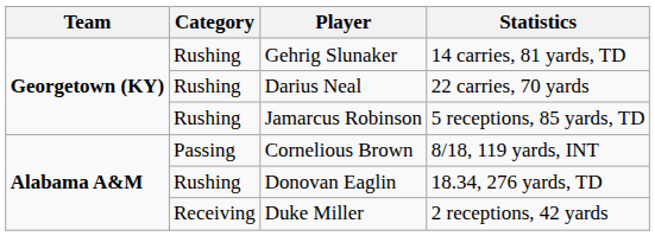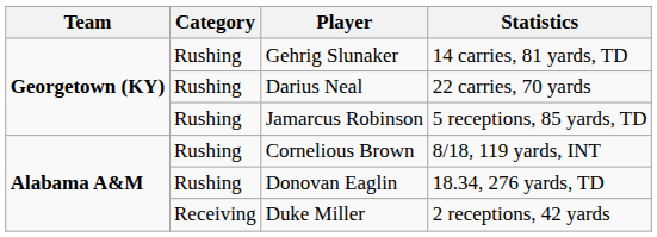 <table class="wikitable" style="float: right;">
 <tr>
 <th>Team</th>
 <th>Category</th>
 <th>Player</th>
 <th>Statistics</th>
 </tr>
 <tr>
 <td rowspan=3><strong>Georgetown (KY)</strong></td>
 <td>Rushing</td>
 <td>Gehrig Slunaker</td>
 <td>14 carries, 81 yards, TD</td>
 </tr>
 <tr>
 <td>Rushing</td>
 <td>Darius Neal</td>
 <td>22 carries, 70 yards</td>
 </tr>
 <tr>
 <td>Rushing</td>
 <td>Jamarcus Robinson</td>
 <td>5 receptions, 85 yards, TD</td>
 </tr>
 <tr>
 <td rowspan=3><strong>Alabama A&M</strong></td>
-<td>Passing</td>
+<td>Rushing</td>
 <td>Cornelious Brown</td>
 <td>8/18, 119 yards, INT</td>
 </tr>
 <tr>
 <td>Rushing</td>
 <td>Donovan Eaglin</td>
 <td>18.34, 276 yards, TD</td>
 </tr>
 <tr>
 <td>Receiving</td>
 <td>Duke Miller</td>
 <td>2 receptions, 42 yards</td>
 </tr>
 </table>
